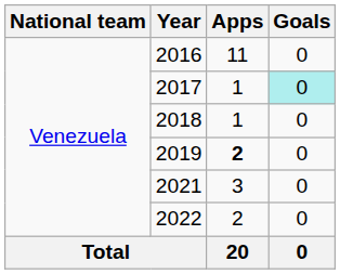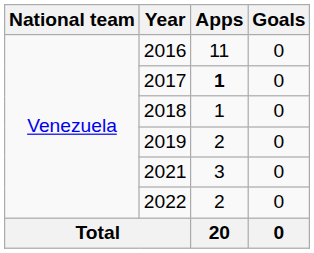 <table class="wikitable" style="text-align:center">
 <tr>
 <th>National team</th>
 <th>Year</th>
 <th>Apps</th>
 <th>Goals</th>
 </tr>
 <tr>
 <td rowspan="6"><a href='#'>Venezuela</a></td>
 <td>2016</td>
 <td>11</td>
 <td>0</td>
 </tr>
 <tr>
 <td>2017</td>
-<td>1</td>
-<td style="background: paleturquoise;">0</td>
+<td><strong>1</strong></td>
+<td>0</td>
 </tr>
 <tr>
 <td>2018</td>
 <td>1</td>
 <td>0</td>
 </tr>
 <tr>
 <td>2019</td>
-<td><strong>2</strong></td>
+<td>2</td>
 <td>0</td>
 </tr>
 <tr>
 <td>2021</td>
 <td>3</td>
 <td>0</td>
 </tr>
 <tr>
 <td>2022</td>
 <td>2</td>
 <td>0</td>
 </tr>
 <tr>
 <th colspan="2">Total</th>
 <th>20</th>
 <th>0</th>
 </tr>
 </table>
